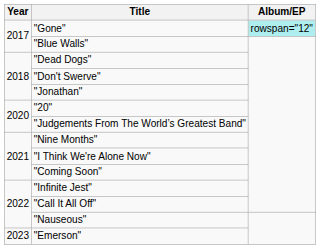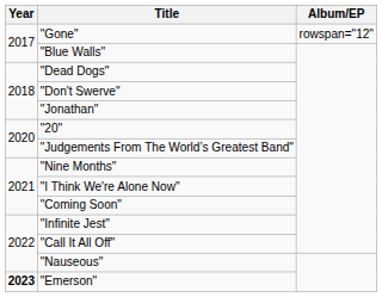 <table class="wikitable">
 <tr>
 <th>Year</th>
 <th>Title</th>
 <th>Album/EP</th>
 </tr>
 <tr>
 <td rowspan="2">2017</td>
 <td>"Gone"</td>
-<td style="background: paleturquoise;">rowspan="12" </td>
+<td>rowspan="12" </td>
 </tr>
 <tr>
 <td>"Blue Walls"</td>
 </tr>
 <tr>
 <td rowspan="3">2018</td>
 <td>"Dead Dogs"</td>
 </tr>
 <tr>
 <td>"Don't Swerve"</td>
 </tr>
 <tr>
 <td>"Jonathan"</td>
 </tr>
 <tr>
 <td rowspan="2">2020</td>
 <td>"20"</td>
 </tr>
 <tr>
 <td>"Judgements From The World’s Greatest Band"</td>
 </tr>
 <tr>
 <td rowspan="3">2021</td>
 <td>"Nine Months"</td>
 </tr>
 <tr>
 <td>"I Think We're Alone Now"</td>
 </tr>
 <tr>
 <td>"Coming Soon"</td>
 </tr>
 <tr>
 <td rowspan="3">2022</td>
 <td>"Infinite Jest"</td>
 </tr>
 <tr>
 <td>"Call It All Off"</td>
 </tr>
 <tr>
 <td>"Nauseous"</td>
 <td rowspan="2"></td>
 </tr>
 <tr>
-<td>2023</td>
+<td><strong>2023</strong></td>
 <td>"Emerson"</td>
 </tr>
 </table>
